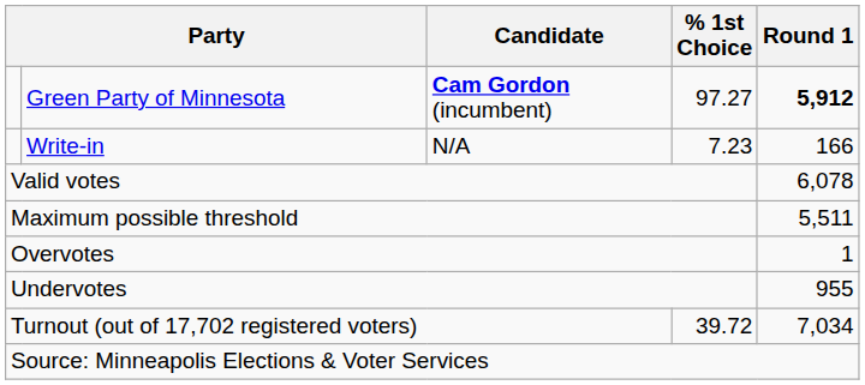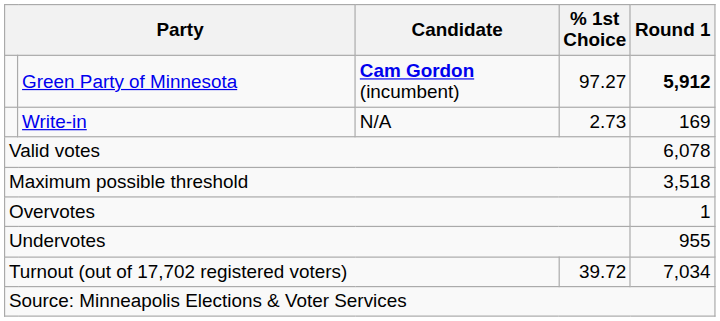 <table class="wikitable">
 <tr>
 <th colspan="2" style="width:290px">Party</th>
 <th style="width:165px">Candidate</th>
 <th>% 1st<br>Choice</th>
 <th>Round 1</th>
 </tr>
 <tr>
 <td style="background-color:"></td>
 <td><a href='#'>Green Party of Minnesota</a></td>
 <td><strong><a href='#'>Cam Gordon</a></strong> (incumbent)</td>
 <td align="right">97.27</td>
 <td align="right"><strong>5,912</strong></td>
 </tr>
 <tr>
 <td style="background-color:"></td>
 <td><a href='#'>Write-in</a></td>
 <td>N/A</td>
-<td align="right">7.23</td>
-<td align="right">166</td>
+<td align="right">2.73</td>
+<td align="right">169</td>
 </tr>
 <tr>
 <td colspan="4">Valid votes</td>
 <td align="right">6,078</td>
 </tr>
 <tr>
 <td colspan="4">Maximum possible threshold</td>
-<td align="right">5,511</td>
+<td align="right">3,518</td>
 </tr>
 <tr>
 <td colspan="4">Overvotes</td>
 <td align="right">1</td>
 </tr>
 <tr>
 <td colspan="4">Undervotes</td>
 <td align="right">955</td>
 </tr>
 <tr>
 <td colspan="3">Turnout (out of 17,702 registered voters)</td>
 <td align="right">39.72</td>
 <td align="right">7,034</td>
 </tr>
 <tr>
 <td colspan="5">Source: Minneapolis Elections & Voter Services</td>
 </tr>
 </table>
